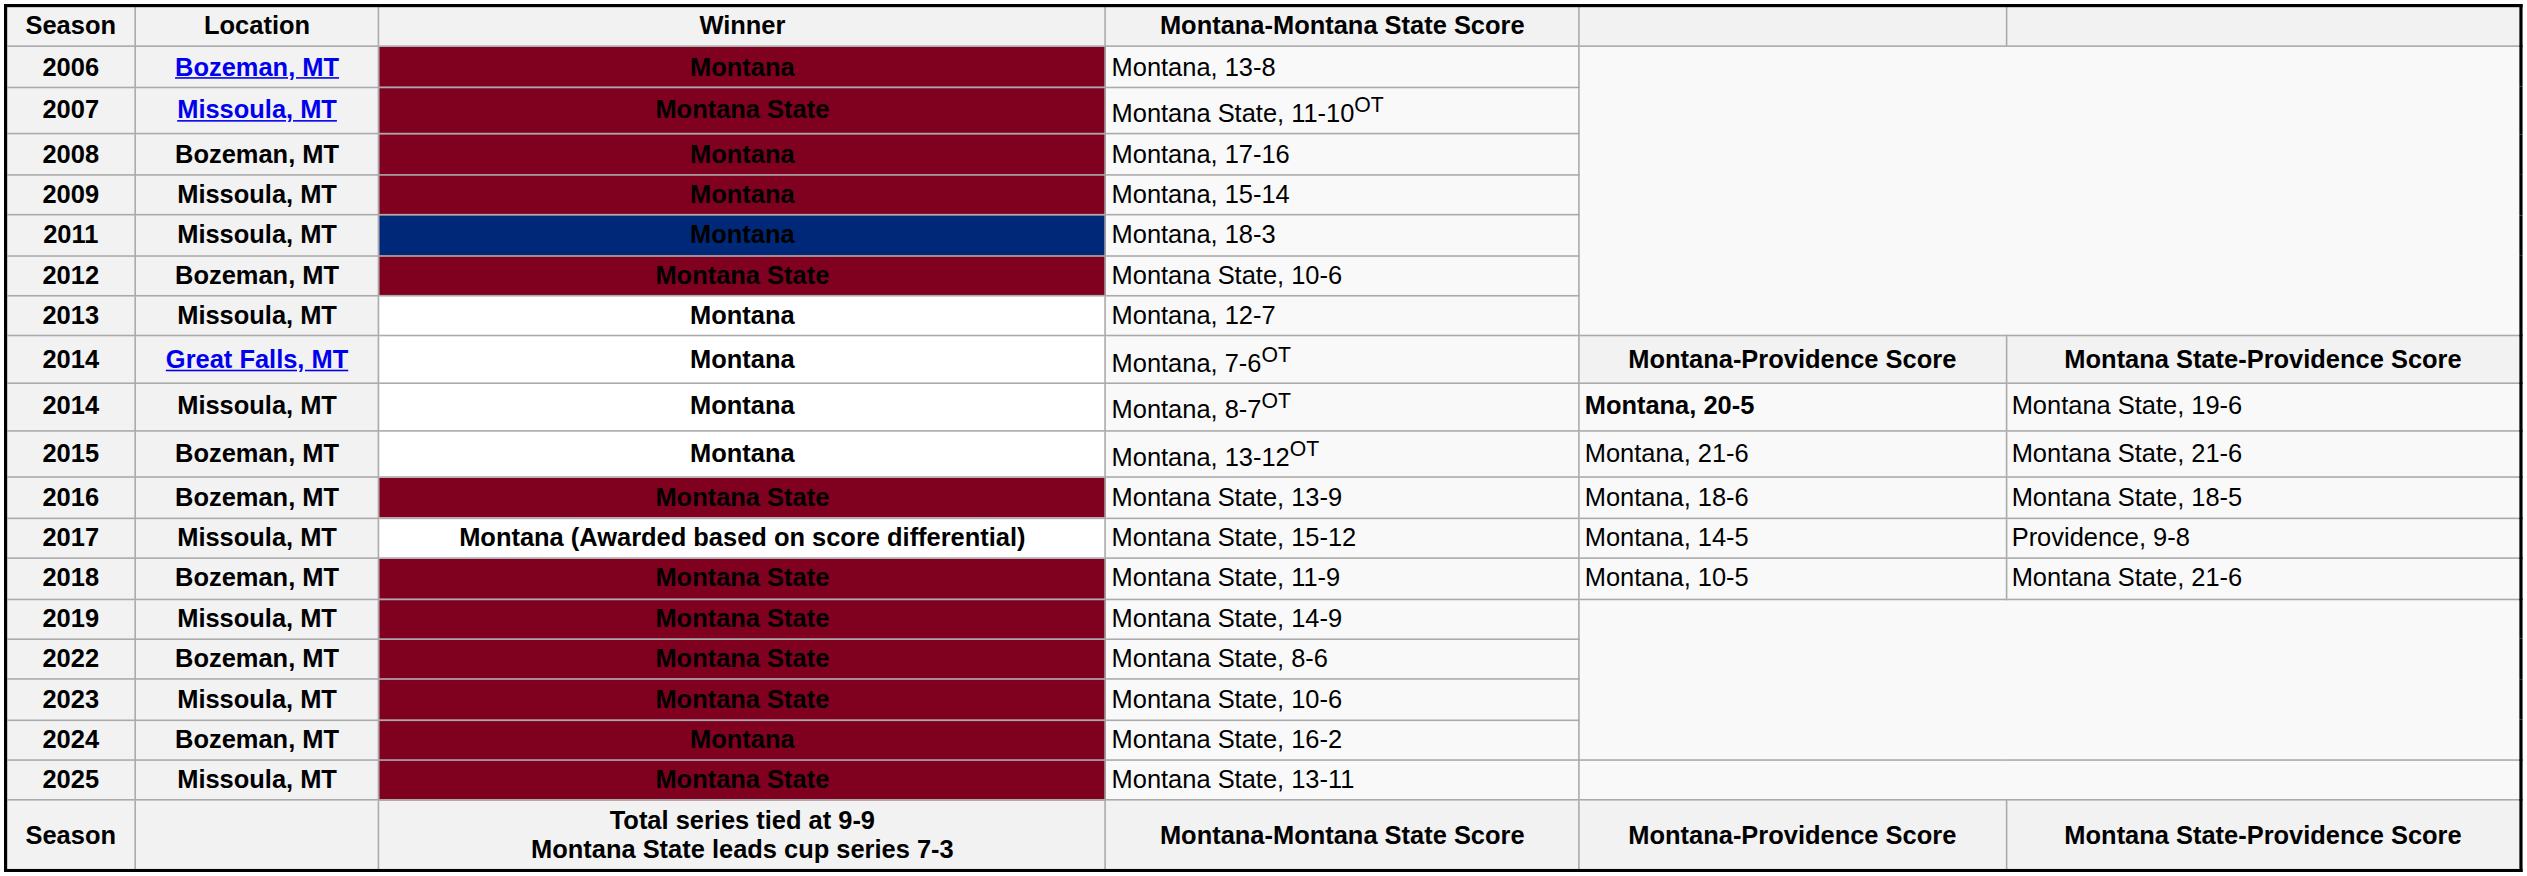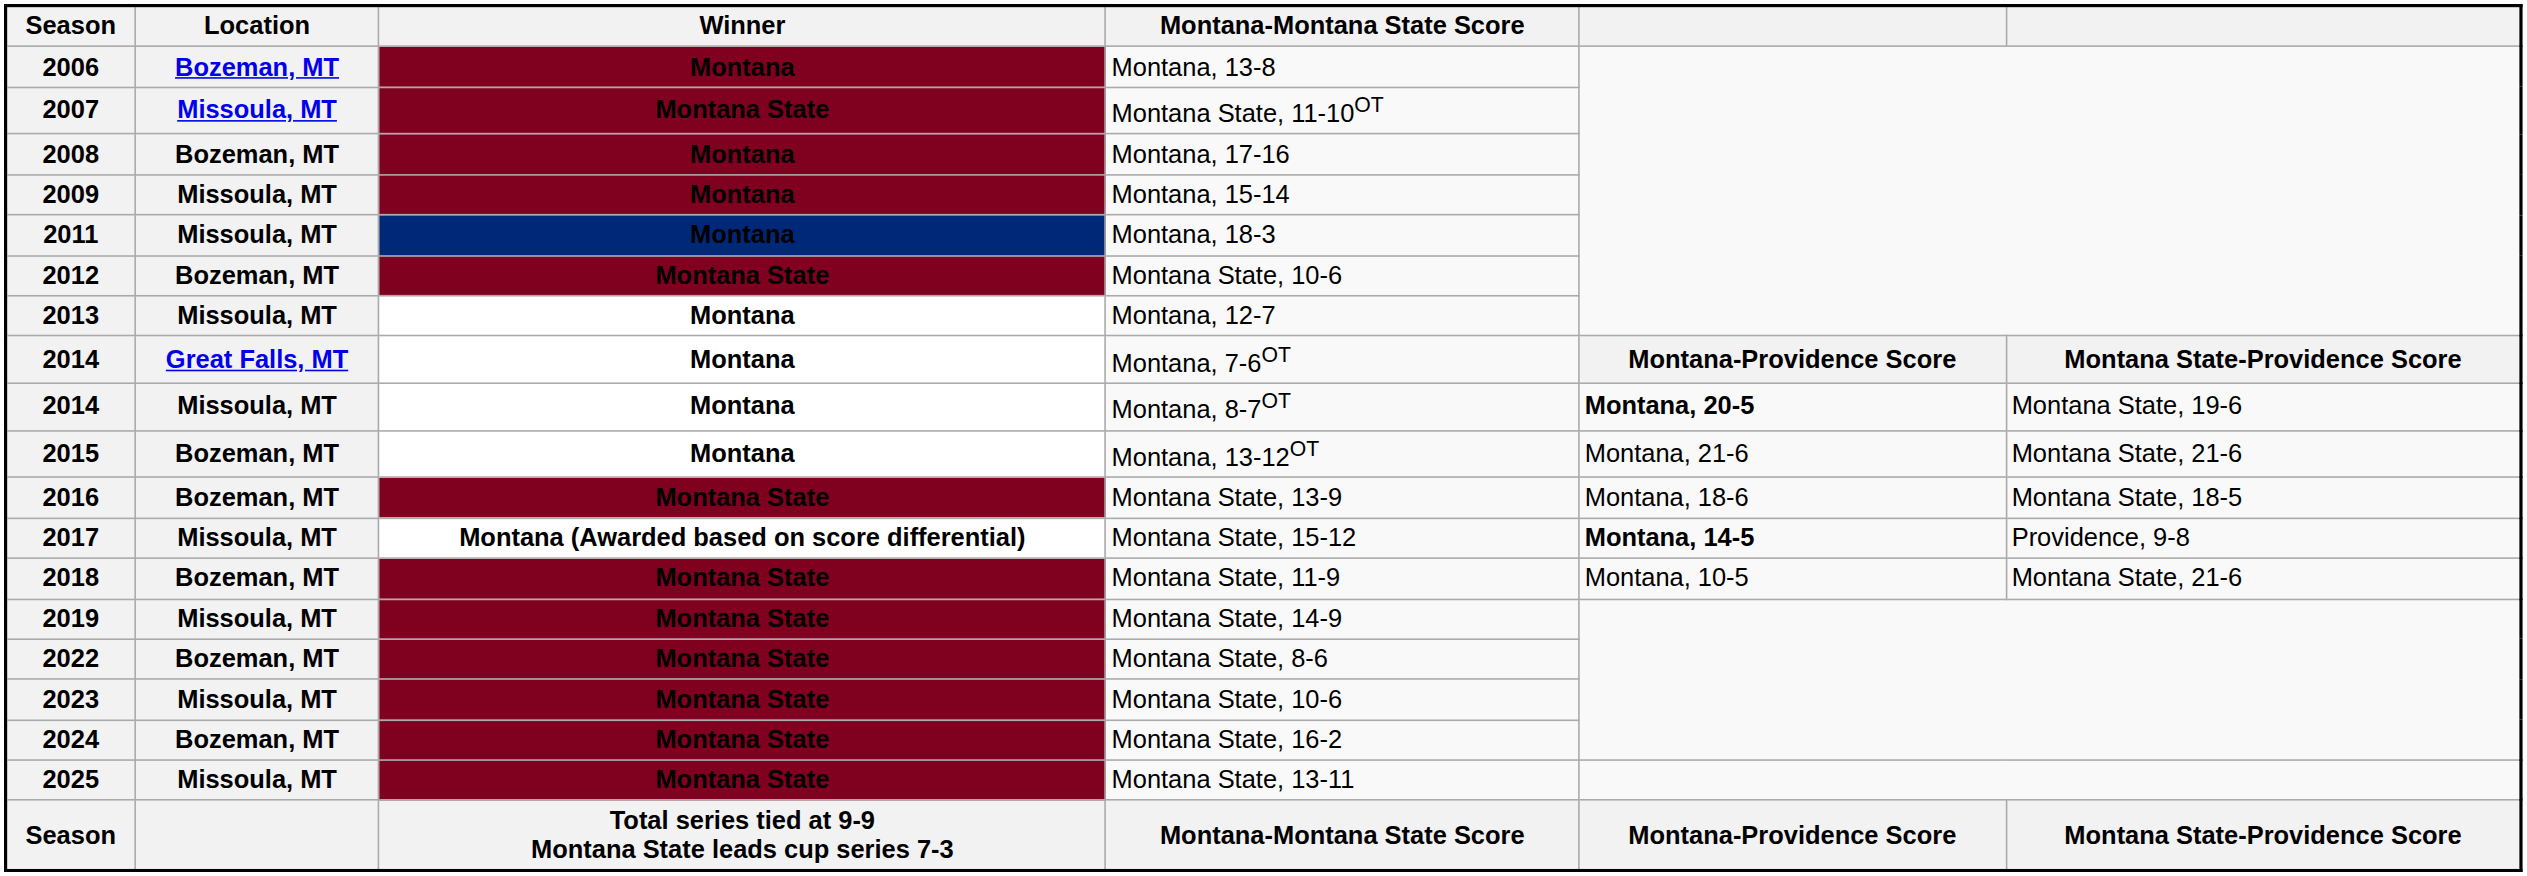 <table class="wikitable sortable" style="width:100%;  margin:0.5em 1em 0.5em 0; border:2px #000000 solid; border-collapse:collapse;">
 <tr>
 <th><span>Season</span></th>
 <th>Location</th>
 <th><span>Winner</span></th>
 <th><span>Montana-Montana State Score</span></th>
 <th></th>
 <th></th>
 </tr>
 <tr>
 <th>2006</th>
 <th><a href='#'>Bozeman, MT</a></th>
 <td align="center" style="background: #800020; "><strong>Montana</strong></td>
 <td>Montana, 13-8</td>
 <td colspan="2" rowspan="7"></td>
 </tr>
 <tr>
 <th>2007</th>
 <th><a href='#'>Missoula, MT</a></th>
 <td align="center" style="background: #800020; "><strong>Montana State</strong></td>
 <td>Montana State, 11-10<sup>OT</sup></td>
 </tr>
 <tr>
 <th>2008</th>
 <th>Bozeman, MT</th>
 <td align="center" style="background: #800020; "><strong>Montana</strong></td>
 <td>Montana, 17-16</td>
 </tr>
 <tr>
 <th>2009</th>
 <th>Missoula, MT</th>
 <td align="center" style="background: #800020; "><strong>Montana</strong></td>
 <td>Montana, 15-14</td>
 </tr>
 <tr>
 <th>2011</th>
 <th>Missoula, MT</th>
 <td align="center" style="background: #002878; "><strong>Montana</strong></td>
 <td>Montana, 18-3</td>
 </tr>
 <tr>
 <th>2012</th>
 <th>Bozeman, MT</th>
 <td align="center" style="background: #800020; "><strong>Montana State</strong></td>
 <td>Montana State, 10-6</td>
 </tr>
 <tr>
 <th>2013</th>
 <th>Missoula, MT</th>
 <td align="center" style="background: #FFFFFF; "><strong>Montana</strong></td>
 <td>Montana, 12-7</td>
 </tr>
 <tr>
 <th>2014</th>
 <th><a href='#'>Great Falls, MT</a></th>
 <td align="center" style="background: #FFFFFF; "><strong>Montana</strong></td>
 <td>Montana, 7-6<sup>OT</sup></td>
 <th><span>Montana-Providence Score</span></th>
 <th><span>Montana State-Providence Score</span></th>
 </tr>
 <tr>
 <th>2014</th>
 <th>Missoula, MT</th>
 <td align="center" style="background: #FFFFFF; "><strong>Montana</strong></td>
 <td>Montana, 8-7<sup>OT</sup></td>
 <td><strong>Montana, 20-5</strong></td>
 <td>Montana State, 19-6</td>
 </tr>
 <tr>
 <th>2015</th>
 <th>Bozeman, MT</th>
 <td align="center" style="background: #FFFFFF; "><strong>Montana</strong></td>
 <td>Montana, 13-12<sup>OT</sup></td>
 <td>Montana, 21-6</td>
 <td>Montana State, 21-6</td>
 </tr>
 <tr>
 <th>2016</th>
 <th>Bozeman, MT</th>
 <td align="center" style="background: #800020; "><strong>Montana State</strong></td>
 <td>Montana State, 13-9</td>
 <td>Montana, 18-6</td>
 <td>Montana State, 18-5</td>
 </tr>
 <tr>
 <th>2017</th>
 <th>Missoula, MT</th>
 <td align="center" style="background: #FFFFFF; "><strong>Montana (Awarded based on score differential)</strong></td>
 <td>Montana State, 15-12</td>
-<td>Montana, 14-5</td>
+<td><strong>Montana, 14-5</strong></td>
 <td>Providence, 9-8</td>
 </tr>
 <tr>
 <th>2018</th>
 <th>Bozeman, MT</th>
 <td align="center" style="background: #800020; "><strong>Montana State</strong></td>
 <td>Montana State, 11-9</td>
 <td>Montana, 10-5</td>
 <td>Montana State, 21-6</td>
 </tr>
 <tr>
 <th>2019</th>
 <th>Missoula, MT</th>
 <td align="center" style="background: #800020; "><strong>Montana State</strong></td>
 <td>Montana State, 14-9</td>
 <td colspan="2" rowspan="4"></td>
 </tr>
 <tr>
 <th>2022</th>
 <th>Bozeman, MT</th>
 <td align="center" style="background: #800020; "><strong>Montana State</strong></td>
 <td>Montana State, 8-6</td>
 </tr>
 <tr>
 <th>2023</th>
 <th>Missoula, MT</th>
 <td align="center" style="background: #800020; "><strong>Montana State</strong></td>
 <td>Montana State, 10-6</td>
 </tr>
 <tr>
 <th>2024</th>
 <th>Bozeman, MT</th>
-<td align="center" style="background: #800020; "><strong>Montana</strong></td>
+<td align="center" style="background: #800020; "><strong>Montana State</strong></td>
 <td>Montana State, 16-2</td>
 </tr>
 <tr>
 <th>2025</th>
 <th>Missoula, MT</th>
 <td align="center" style="background: #800020; "><strong>Montana State</strong></td>
 <td>Montana State, 13-11</td>
 </tr>
 <tr>
 <th>Season</th>
 <th></th>
 <th>Total series tied at 9-9<br>Montana State leads cup series 7-3</th>
 <th><span>Montana-Montana State Score</span></th>
 <th><span>Montana-Providence Score</span></th>
 <th><span>Montana State-Providence Score</span></th>
 </tr>
 </table>
